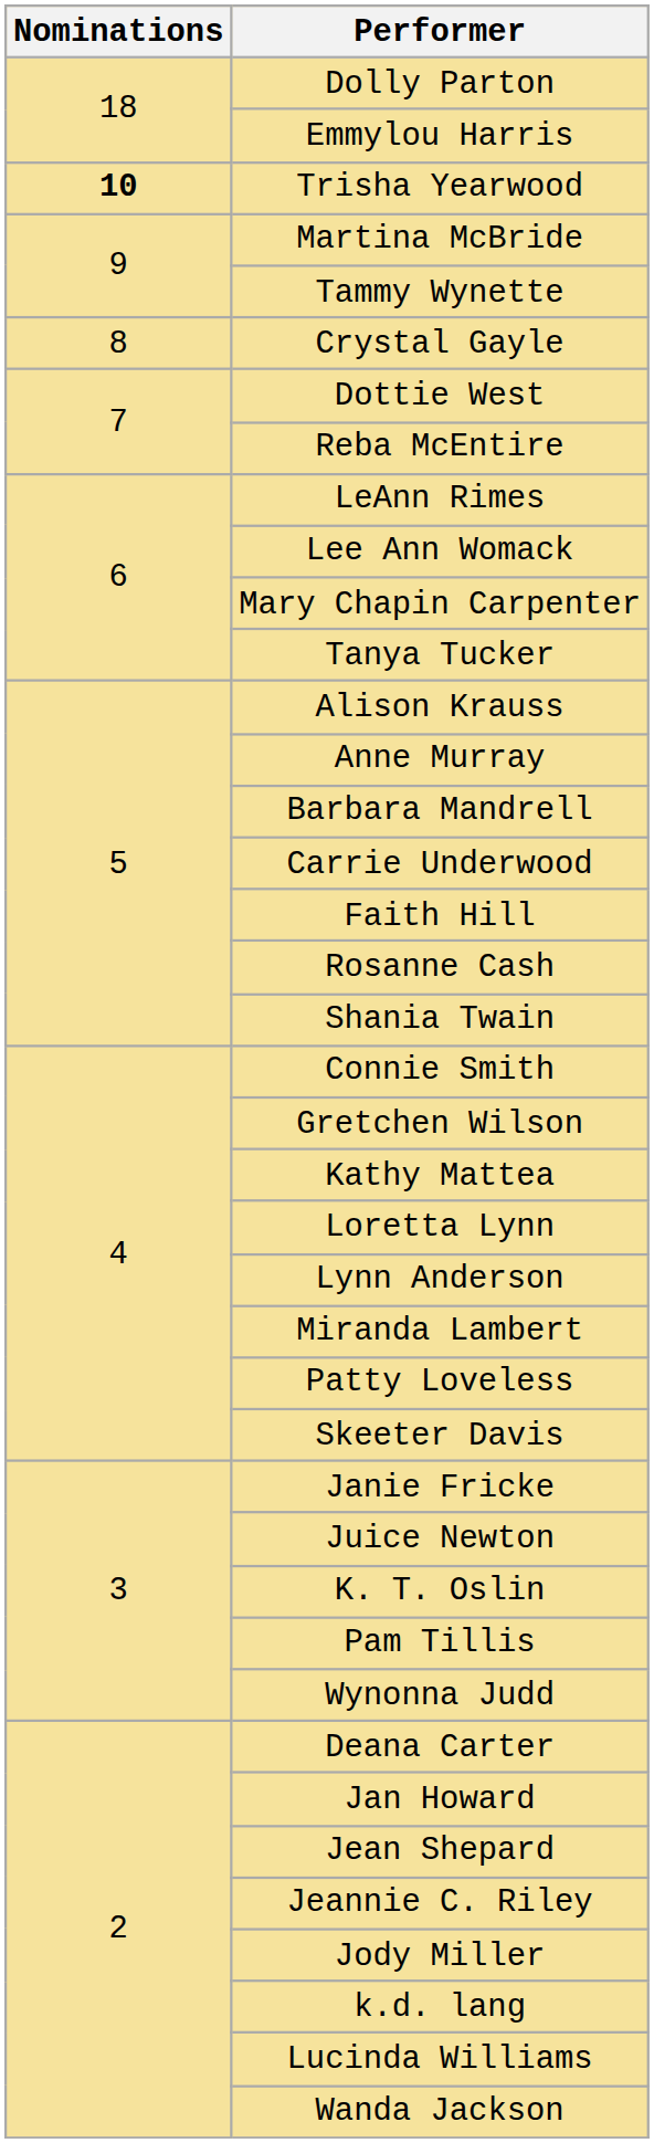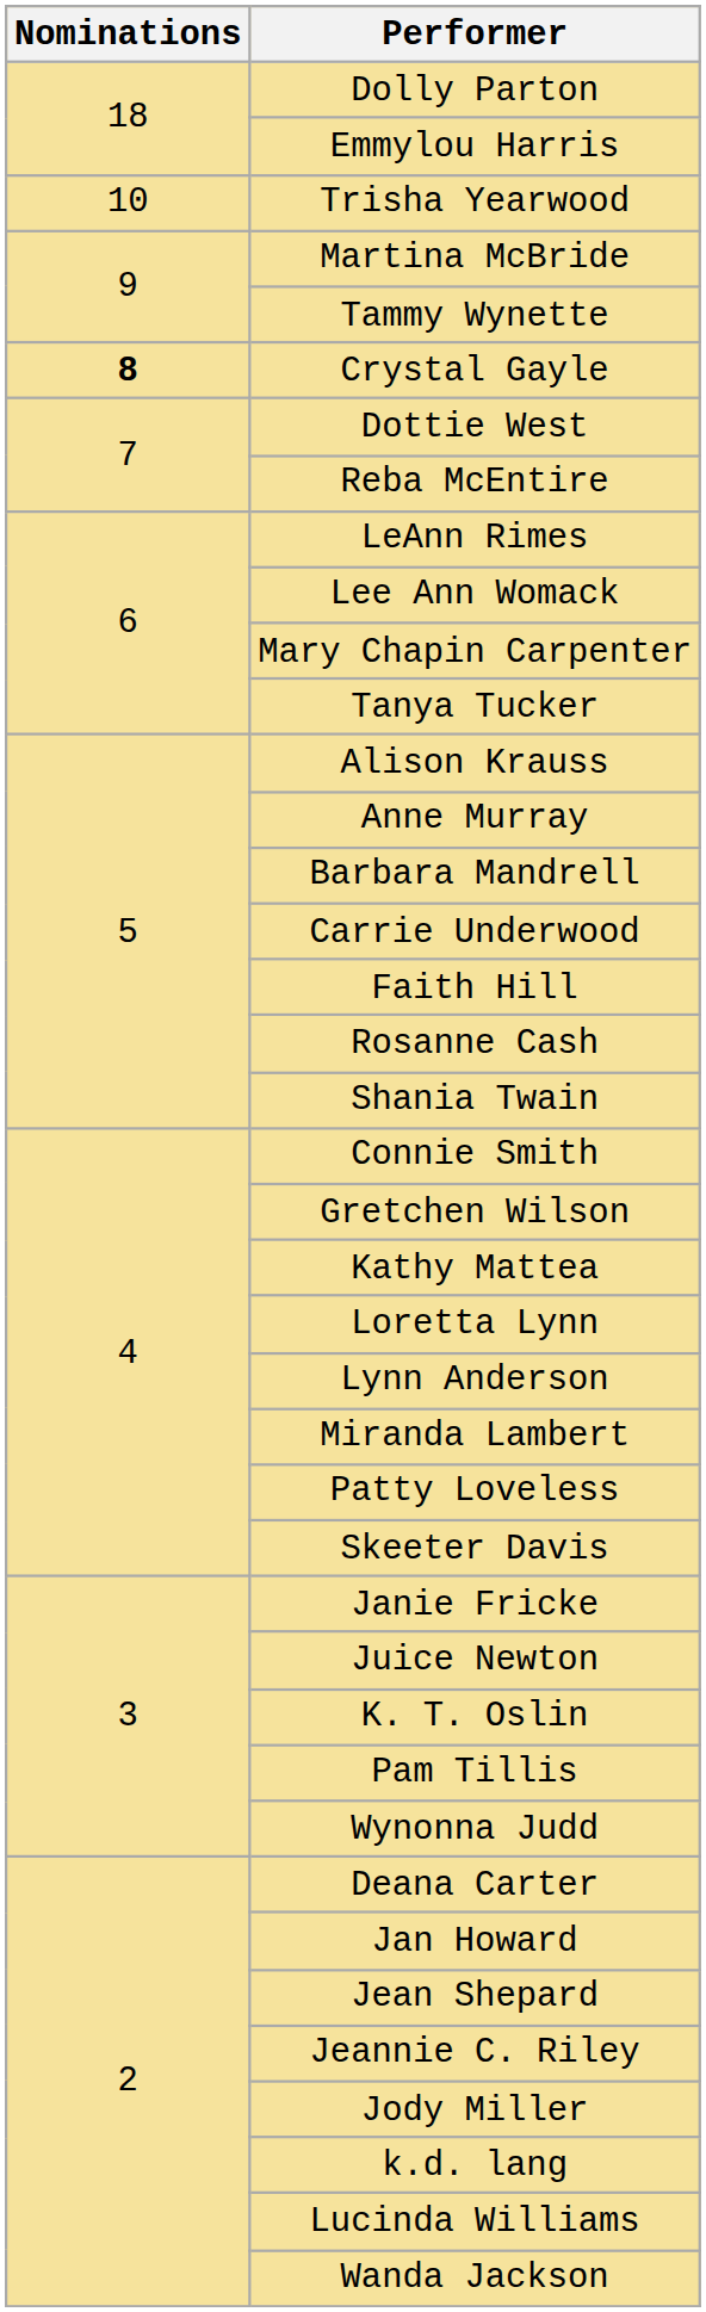 <table class="wikitable" rowspan=2 border="1" cellpadding="4" style="text-align: center; background: #f6e39c">
 <tr>
 <th scope="col" width="55">Nominations</th>
 <th scope="col" style="text-align:center">Performer</th>
 </tr>
 <tr>
 <td scope="row"  rowspan=2 style="text-align:center">18</td>
 <td>Dolly Parton</td>
 </tr>
 <tr>
 <td>Emmylou Harris</td>
 </tr>
 <tr>
-<td scope="row"  rowspan=1 style="text-align:center"><strong>10</strong></td>
+<td scope="row"  rowspan=1 style="text-align:center">10</td>
 <td>Trisha Yearwood</td>
 </tr>
 <tr>
 <td scope="row"  rowspan=2 style="text-align:center">9</td>
 <td>Martina McBride</td>
 </tr>
 <tr>
 <td>Tammy Wynette</td>
 </tr>
 <tr>
-<td scope="row"  rowspan=1 style="text-align:center">8</td>
+<td scope="row"  rowspan=1 style="text-align:center"><strong>8</strong></td>
 <td>Crystal Gayle</td>
 </tr>
 <tr>
 <td scope="row"  rowspan=2 style="text-align:center">7</td>
 <td>Dottie West</td>
 </tr>
 <tr>
 <td>Reba McEntire</td>
 </tr>
 <tr>
 <td scope="row"  rowspan=4 style="text-align:center">6</td>
 <td>LeAnn Rimes</td>
 </tr>
 <tr>
 <td>Lee Ann Womack</td>
 </tr>
 <tr>
 <td>Mary Chapin Carpenter</td>
 </tr>
 <tr>
 <td>Tanya Tucker</td>
 </tr>
 <tr>
 <td scope="row"  rowspan=7 style="text-align:center">5</td>
 <td>Alison Krauss</td>
 </tr>
 <tr>
 <td>Anne Murray</td>
 </tr>
 <tr>
 <td>Barbara Mandrell</td>
 </tr>
 <tr>
 <td>Carrie Underwood</td>
 </tr>
 <tr>
 <td>Faith Hill</td>
 </tr>
 <tr>
 <td>Rosanne Cash</td>
 </tr>
 <tr>
 <td>Shania Twain</td>
 </tr>
 <tr>
 <td scope="row"  rowspan=8 style="text-align:center">4</td>
 <td>Connie Smith</td>
 </tr>
 <tr>
 <td>Gretchen Wilson</td>
 </tr>
 <tr>
 <td>Kathy Mattea</td>
 </tr>
 <tr>
 <td>Loretta Lynn</td>
 </tr>
 <tr>
 <td>Lynn Anderson</td>
 </tr>
 <tr>
 <td>Miranda Lambert</td>
 </tr>
 <tr>
 <td>Patty Loveless</td>
 </tr>
 <tr>
 <td>Skeeter Davis</td>
 </tr>
 <tr>
 <td scope="row"  rowspan=5 style="text-align:center">3</td>
 <td>Janie Fricke</td>
 </tr>
 <tr>
 <td>Juice Newton</td>
 </tr>
 <tr>
 <td>K. T. Oslin</td>
 </tr>
 <tr>
 <td>Pam Tillis</td>
 </tr>
 <tr>
 <td>Wynonna Judd</td>
 </tr>
 <tr>
 <td scope="row"  rowspan=8 style="text-align:center">2</td>
 <td>Deana Carter</td>
 </tr>
 <tr>
 <td>Jan Howard</td>
 </tr>
 <tr>
 <td>Jean Shepard</td>
 </tr>
 <tr>
 <td>Jeannie C. Riley</td>
 </tr>
 <tr>
 <td>Jody Miller</td>
 </tr>
 <tr>
 <td>k.d. lang</td>
 </tr>
 <tr>
 <td>Lucinda Williams</td>
 </tr>
 <tr>
 <td>Wanda Jackson</td>
 </tr>
 </table>
